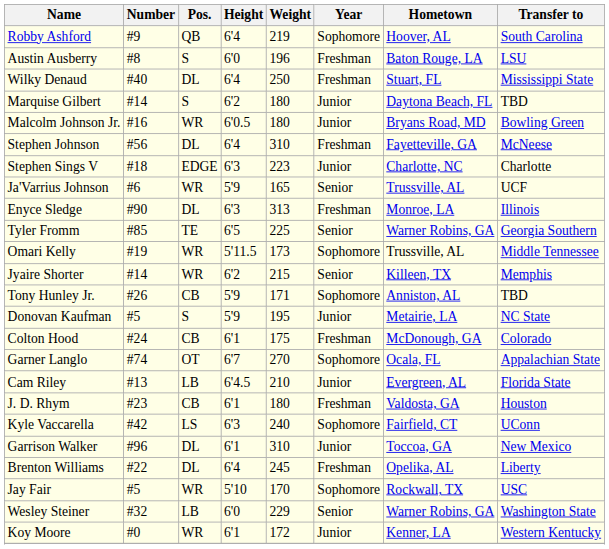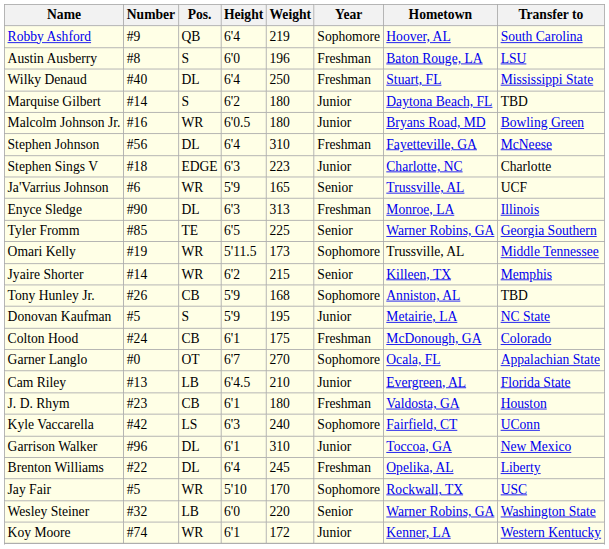 <table class="wikitable sortable">
 <tr>
 <th>Name</th>
 <th>Number</th>
 <th>Pos.</th>
 <th>Height</th>
 <th>Weight</th>
 <th>Year</th>
 <th>Hometown</th>
 <th class="unsortable">Transfer to</th>
 </tr>
 <tr style="background:#FFFFE6;">
 <td><a href='#'>Robby Ashford</a></td>
 <td>#9</td>
 <td>QB</td>
 <td>6'4</td>
 <td>219</td>
 <td>Sophomore </td>
 <td><a href='#'>Hoover, AL</a></td>
 <td><a href='#'>South Carolina</a></td>
 </tr>
 <tr style="background:#FFFFE6;">
 <td>Austin Ausberry</td>
 <td>#8</td>
 <td>S</td>
 <td>6'0</td>
 <td>196</td>
 <td>Freshman </td>
 <td><a href='#'>Baton Rouge, LA</a></td>
 <td><a href='#'>LSU</a></td>
 </tr>
 <tr style="background:#FFFFE6;">
 <td>Wilky Denaud</td>
 <td>#40</td>
 <td>DL</td>
 <td>6'4</td>
 <td>250</td>
 <td>Freshman</td>
 <td><a href='#'>Stuart, FL</a></td>
 <td><a href='#'>Mississippi State</a></td>
 </tr>
 <tr style="background:#FFFFE6;">
 <td>Marquise Gilbert</td>
 <td>#14</td>
 <td>S</td>
 <td>6'2</td>
 <td>180</td>
 <td>Junior </td>
 <td><a href='#'>Daytona Beach, FL</a></td>
 <td>TBD</td>
 </tr>
 <tr style="background:#FFFFE6;">
 <td>Malcolm Johnson Jr.</td>
 <td>#16</td>
 <td>WR</td>
 <td>6'0.5</td>
 <td>180</td>
 <td>Junior</td>
 <td><a href='#'>Bryans Road, MD</a></td>
 <td><a href='#'>Bowling Green</a></td>
 </tr>
 <tr style="background:#FFFFE6;">
 <td>Stephen Johnson</td>
 <td>#56</td>
 <td>DL</td>
 <td>6'4</td>
 <td>310</td>
 <td>Freshman</td>
 <td><a href='#'>Fayetteville, GA</a></td>
 <td><a href='#'>McNeese</a></td>
 </tr>
 <tr style="background:#FFFFE6;">
 <td>Stephen Sings V</td>
 <td>#18</td>
 <td>EDGE</td>
 <td>6'3</td>
 <td>223</td>
 <td>Junior</td>
 <td><a href='#'>Charlotte, NC</a></td>
 <td>Charlotte</td>
 </tr>
 <tr style="background:#FFFFE6;">
 <td>Ja'Varrius Johnson</td>
 <td>#6</td>
 <td>WR</td>
 <td>5'9</td>
 <td>165</td>
 <td>Senior</td>
 <td><a href='#'>Trussville, AL</a></td>
 <td>UCF</td>
 </tr>
 <tr style="background:#FFFFE6;">
 <td>Enyce Sledge</td>
 <td>#90</td>
 <td>DL</td>
 <td>6'3</td>
 <td>313</td>
 <td>Freshman </td>
 <td><a href='#'>Monroe, LA</a></td>
 <td><a href='#'>Illinois</a></td>
 </tr>
 <tr style="background:#FFFFE6;">
 <td>Tyler Fromm</td>
 <td>#85</td>
 <td>TE</td>
 <td>6'5</td>
 <td>225</td>
 <td>Senior</td>
 <td><a href='#'>Warner Robins, GA</a></td>
 <td><a href='#'>Georgia Southern</a></td>
 </tr>
 <tr style="background:#FFFFE6;">
 <td>Omari Kelly</td>
 <td>#19</td>
 <td>WR</td>
 <td>5'11.5</td>
 <td>173</td>
 <td>Sophomore</td>
 <td>Trussville, AL</td>
 <td><a href='#'>Middle Tennessee</a></td>
 </tr>
 <tr style="background:#FFFFE6;">
 <td>Jyaire Shorter</td>
 <td>#14</td>
 <td>WR</td>
 <td>6'2</td>
 <td>215</td>
 <td>Senior </td>
 <td><a href='#'>Killeen, TX</a></td>
 <td><a href='#'>Memphis</a></td>
 </tr>
 <tr style="background:#FFFFE6;">
 <td>Tony Hunley Jr.</td>
 <td>#26</td>
 <td>CB</td>
 <td>5'9</td>
-<td>171</td>
+<td>168</td>
 <td>Sophomore </td>
 <td><a href='#'>Anniston, AL</a></td>
 <td>TBD</td>
 </tr>
 <tr style="background:#FFFFE6;">
 <td>Donovan Kaufman</td>
 <td>#5</td>
 <td>S</td>
 <td>5'9</td>
 <td>195</td>
 <td>Junior</td>
 <td><a href='#'>Metairie, LA</a></td>
 <td><a href='#'>NC State</a></td>
 </tr>
 <tr style="background:#FFFFE6;">
 <td>Colton Hood</td>
 <td>#24</td>
 <td>CB</td>
 <td>6'1</td>
 <td>175</td>
 <td>Freshman</td>
 <td><a href='#'>McDonough, GA</a></td>
 <td><a href='#'>Colorado</a></td>
 </tr>
 <tr style="background:#FFFFE6;">
 <td>Garner Langlo</td>
-<td>#74</td>
+<td>#0</td>
 <td>OT</td>
 <td>6'7</td>
 <td>270</td>
 <td>Sophomore </td>
 <td><a href='#'>Ocala, FL</a></td>
 <td><a href='#'>Appalachian State</a></td>
 </tr>
 <tr style="background:#FFFFE6;">
 <td>Cam Riley</td>
 <td>#13</td>
 <td>LB</td>
 <td>6'4.5</td>
 <td>210</td>
 <td>Junior</td>
 <td><a href='#'>Evergreen, AL</a></td>
 <td><a href='#'>Florida State</a></td>
 </tr>
 <tr style="background:#FFFFE6;">
 <td>J. D. Rhym</td>
 <td>#23</td>
 <td>CB</td>
 <td>6'1</td>
 <td>180</td>
 <td>Freshman </td>
 <td><a href='#'>Valdosta, GA</a></td>
 <td><a href='#'>Houston</a></td>
 </tr>
 <tr style="background:#FFFFE6;">
 <td>Kyle Vaccarella</td>
 <td>#42</td>
 <td>LS</td>
 <td>6'3</td>
 <td>240</td>
 <td>Sophomore </td>
 <td><a href='#'>Fairfield, CT</a></td>
 <td><a href='#'>UConn</a></td>
 </tr>
 <tr style="background:#FFFFE6;">
 <td>Garrison Walker</td>
 <td>#96</td>
 <td>DL</td>
 <td>6'1</td>
 <td>310</td>
 <td>Junior</td>
 <td><a href='#'>Toccoa, GA</a></td>
 <td><a href='#'>New Mexico</a></td>
 </tr>
 <tr style="background:#FFFFE6;">
 <td>Brenton Williams</td>
 <td>#22</td>
 <td>DL</td>
 <td>6'4</td>
 <td>245</td>
 <td>Freshman</td>
 <td><a href='#'>Opelika, AL</a></td>
 <td><a href='#'>Liberty</a></td>
 </tr>
 <tr style="background:#FFFFE6;">
 <td>Jay Fair</td>
 <td>#5</td>
 <td>WR</td>
 <td>5'10</td>
 <td>170</td>
 <td>Sophomore</td>
 <td><a href='#'>Rockwall, TX</a></td>
 <td><a href='#'>USC</a></td>
 </tr>
 <tr style="background:#FFFFE6;">
 <td>Wesley Steiner</td>
 <td>#32</td>
 <td>LB</td>
 <td>6'0</td>
-<td>229</td>
+<td>220</td>
 <td>Senior</td>
 <td><a href='#'>Warner Robins, GA</a></td>
 <td><a href='#'>Washington State</a></td>
 </tr>
 <tr style="background:#FFFFE6;">
 <td>Koy Moore</td>
-<td>#0</td>
+<td>#74</td>
 <td>WR</td>
 <td>6'1</td>
 <td>172</td>
 <td>Junior</td>
 <td><a href='#'>Kenner, LA</a></td>
 <td><a href='#'>Western Kentucky</a></td>
 </tr>
 <tr style="background:#FFFFE6;">
 </tr>
 <tr>
 </tr>
 </table>
